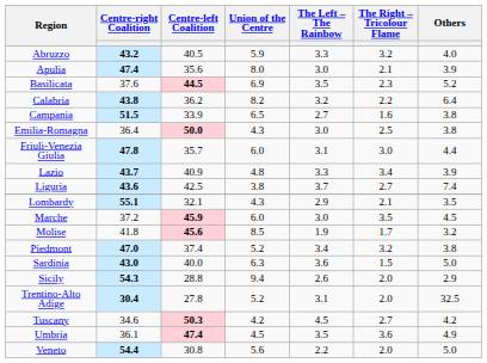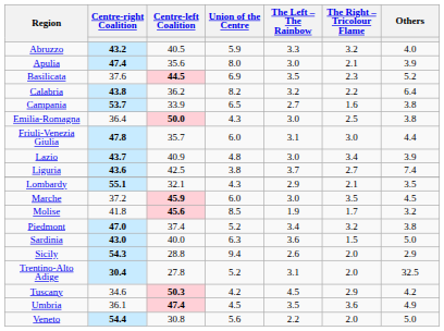 <table class="wikitable" style="text-align:center; font-size:85%; line-height:13px">
 <tr style="height:30px; background-color:#E9E9E9">
 <th style="width:110px;" rowspan="2">Region</th>
 <th style="width:75px;"><a href='#'>Centre-right Coalition</a></th>
 <th style="width:75px;"><a href='#'>Centre-left Coalition</a></th>
 <th style="width:75px;"><a href='#'>Union of the Centre</a></th>
 <th style="width:75px;"><a href='#'>The Left – The Rainbow</a></th>
 <th style="width:75px;"><a href='#'>The Right – Tricolour Flame</a></th>
 <th style="width:75px;">Others</th>
 </tr>
 <tr>
 <th style="background:"></th>
 <th style="background:"></th>
 <th style="background:"></th>
 <th style="background:"></th>
 <th style="background:"></th>
 <th style="background:"></th>
 </tr>
 <tr>
 <td><a href='#'>Abruzzo</a></td>
 <td style="background:#C8EBFF"><strong>43.2</strong></td>
 <td>40.5</td>
 <td>5.9</td>
 <td>3.3</td>
 <td>3.2</td>
 <td>4.0</td>
 </tr>
 <tr>
 <td><a href='#'>Apulia</a></td>
 <td style="background:#C8EBFF"><strong>47.4</strong></td>
 <td>35.6</td>
 <td>8.0</td>
 <td>3.0</td>
 <td>2.1</td>
 <td>3.9</td>
 </tr>
 <tr>
 <td><a href='#'>Basilicata</a></td>
 <td>37.6</td>
 <td style="background:#FFD0D7"><strong>44.5</strong></td>
 <td>6.9</td>
 <td>3.5</td>
 <td>2.3</td>
 <td>5.2</td>
 </tr>
 <tr>
 <td><a href='#'>Calabria</a></td>
 <td style="background:#C8EBFF"><strong>43.8</strong></td>
 <td>36.2</td>
 <td>8.2</td>
 <td>3.2</td>
 <td>2.2</td>
 <td>6.4</td>
 </tr>
 <tr>
 <td><a href='#'>Campania</a></td>
-<td style="background:#C8EBFF"><strong>51.5</strong></td>
+<td style="background:#C8EBFF"><strong>53.7</strong></td>
 <td>33.9</td>
 <td>6.5</td>
 <td>2.7</td>
 <td>1.6</td>
 <td>3.8</td>
 </tr>
 <tr>
 <td><a href='#'>Emilia-Romagna</a></td>
 <td>36.4</td>
 <td style="background:#FFD0D7"><strong>50.0</strong></td>
 <td>4.3</td>
 <td>3.0</td>
 <td>2.5</td>
 <td>3.8</td>
 </tr>
 <tr>
 <td><a href='#'>Friuli-Venezia Giulia</a></td>
 <td style="background:#C8EBFF"><strong>47.8</strong></td>
 <td>35.7</td>
 <td>6.0</td>
 <td>3.1</td>
 <td>3.0</td>
 <td>4.4</td>
 </tr>
 <tr>
 <td><a href='#'>Lazio</a></td>
 <td style="background:#C8EBFF"><strong>43.7</strong></td>
 <td>40.9</td>
 <td>4.8</td>
-<td>3.3</td>
+<td>3.0</td>
 <td>3.4</td>
 <td>3.9</td>
 </tr>
 <tr>
 <td><a href='#'>Liguria</a></td>
 <td style="background:#C8EBFF"><strong>43.6</strong></td>
 <td>42.5</td>
 <td>3.8</td>
 <td>3.7</td>
 <td>2.7</td>
 <td>7.4</td>
 </tr>
 <tr>
 </tr>
 <tr>
 <td><a href='#'>Lombardy</a></td>
 <td style="background:#C8EBFF"><strong>55.1</strong></td>
 <td>32.1</td>
 <td>4.3</td>
 <td>2.9</td>
 <td>2.1</td>
 <td>3.5</td>
 </tr>
 <tr>
 <td><a href='#'>Marche</a></td>
 <td>37.2</td>
 <td style="background:#FFD0D7"><strong>45.9</strong></td>
 <td>6.0</td>
 <td>3.0</td>
 <td>3.5</td>
 <td>4.5</td>
 </tr>
 <tr>
 <td><a href='#'>Molise</a></td>
 <td>41.8</td>
 <td style="background:#FFD0D7"><strong>45.6</strong></td>
 <td>8.5</td>
 <td>1.9</td>
 <td>1.7</td>
 <td>3.2</td>
 </tr>
 <tr>
 <td><a href='#'>Piedmont</a></td>
 <td style="background:#C8EBFF"><strong>47.0</strong></td>
 <td>37.4</td>
 <td>5.2</td>
 <td>3.4</td>
 <td>3.2</td>
 <td>3.8</td>
 </tr>
 <tr>
 <td><a href='#'>Sardinia</a></td>
 <td style="background:#C8EBFF"><strong>43.0</strong></td>
 <td>40.0</td>
 <td>6.3</td>
 <td>3.6</td>
 <td>1.5</td>
 <td>5.0</td>
 </tr>
 <tr>
 <td><a href='#'>Sicily</a></td>
 <td style="background:#C8EBFF"><strong>54.3</strong></td>
 <td>28.8</td>
 <td>9.4</td>
 <td>2.6</td>
 <td>2.0</td>
 <td>2.9</td>
 </tr>
 <tr>
 <td><a href='#'>Trentino-Alto Adige</a></td>
 <td style="background:#C8EBFF"><strong>30.4</strong></td>
 <td>27.8</td>
 <td>5.2</td>
 <td>3.1</td>
 <td>2.0</td>
 <td>32.5</td>
 </tr>
 <tr>
 <td><a href='#'>Tuscany</a></td>
 <td>34.6</td>
 <td style="background:#FFD0D7"><strong>50.3</strong></td>
 <td>4.2</td>
 <td>4.5</td>
-<td>2.7</td>
+<td>2.9</td>
 <td>4.2</td>
 </tr>
 <tr>
 <td><a href='#'>Umbria</a></td>
 <td>36.1</td>
 <td style="background:#FFD0D7"><strong>47.4</strong></td>
 <td>4.5</td>
 <td>3.5</td>
 <td>3.6</td>
 <td>4.9</td>
 </tr>
 <tr>
 <td><a href='#'>Veneto</a></td>
 <td style="background:#C8EBFF"><strong>54.4</strong></td>
 <td>30.8</td>
 <td>5.6</td>
 <td>2.2</td>
 <td>2.0</td>
 <td>5.0</td>
 </tr>
 </table>
